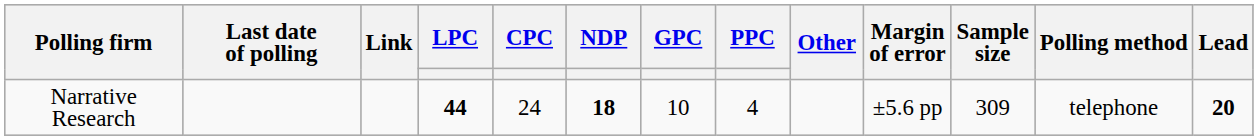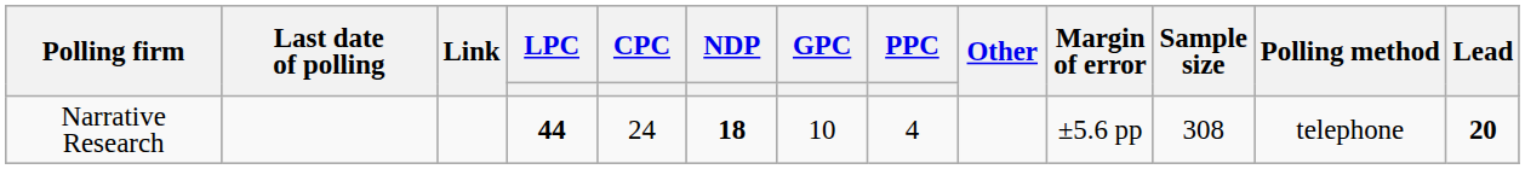 <table class="wikitable sortable mw-datatable" style="text-align:center;font-size:90%;line-height:14px;">
 <tr style="height:40px;">
 <th style="width:105px;" rowspan="2">Polling firm</th>
 <th style="width:105px;" rowspan="2">Last date<br>of polling</th>
 <th rowspan="2">Link</th>
 <th class="unsortable" style="width:40px;"><a href='#'>LPC</a></th>
 <th class="unsortable" style="width:40px;"><a href='#'>CPC</a></th>
 <th class="unsortable" style="width:40px;"><a href='#'>NDP</a></th>
 <th class="unsortable" style="width:40px;"><a href='#'>GPC</a></th>
 <th class="unsortable" style="width:40px;"><a href='#'>PPC</a></th>
 <th rowspan="2" style="width:40px"><a href='#'>Other</a></th>
 <th rowspan="2">Margin<br>of error</th>
 <th rowspan="2">Sample<br>size</th>
 <th rowspan="2">Polling method</th>
 <th rowspan="2">Lead</th>
 </tr>
 <tr>
 <th style="background:"></th>
 <th style="background:"></th>
 <th style="background:"></th>
 <th style="background:"></th>
 <th style="background:"></th>
 </tr>
 <tr>
 <td>Narrative Research</td>
 <td></td>
 <td></td>
 <td><strong>44</strong></td>
 <td>24</td>
 <td><strong>18</strong></td>
 <td>10</td>
 <td>4</td>
 <td></td>
 <td>±5.6 pp</td>
-<td>309</td>
+<td>308</td>
 <td>telephone</td>
 <td><strong>20</strong></td>
 </tr>
 </table>
